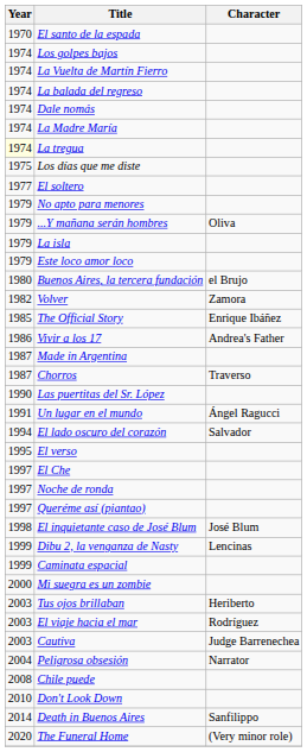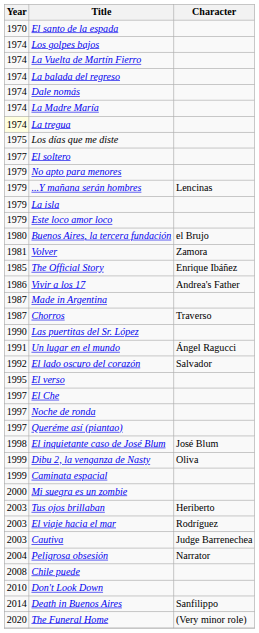 <table class="wikitable" style="display:inline-table;">
 <tr>
 <th>Year</th>
 <th>Title</th>
 <th>Character</th>
 </tr>
 <tr>
 <td>1970</td>
 <td><em><a href='#'>El santo de la espada</a></em></td>
 <td></td>
 </tr>
 <tr>
 <td>1974</td>
 <td><em><a href='#'>Los golpes bajos</a></em></td>
 <td></td>
 </tr>
 <tr>
 <td>1974</td>
 <td><em><a href='#'>La Vuelta de Martín Fierro</a></em></td>
 <td></td>
 </tr>
 <tr>
 <td>1974</td>
 <td><em><a href='#'>La balada del regreso</a></em></td>
 <td></td>
 </tr>
 <tr>
 <td>1974</td>
 <td><em><a href='#'>Dale nomás</a></em></td>
 <td></td>
 </tr>
 <tr>
 <td>1974</td>
 <td><em><a href='#'>La Madre María</a></em></td>
 <td></td>
 </tr>
 <tr>
 <td style="background: lightyellow;">1974</td>
 <td><em><a href='#'>La tregua</a></em></td>
 <td></td>
 </tr>
 <tr>
 <td>1975</td>
 <td><em>Los días que me diste</em></td>
 <td></td>
 </tr>
 <tr>
 <td>1977</td>
 <td><em><a href='#'>El soltero</a></em></td>
 <td></td>
 </tr>
 <tr>
 <td>1979</td>
 <td><em><a href='#'>No apto para menores</a></em></td>
 <td></td>
 </tr>
 <tr>
 <td>1979</td>
 <td><em><a href='#'>...Y mañana serán hombres</a></em></td>
-<td>Oliva</td>
+<td>Lencinas</td>
 </tr>
 <tr>
 <td>1979</td>
 <td><em><a href='#'>La isla</a></em></td>
 <td></td>
 </tr>
 <tr>
 <td>1979</td>
 <td><em><a href='#'>Este loco amor loco</a></em></td>
 <td></td>
 </tr>
 <tr>
 <td>1980</td>
 <td><em><a href='#'>Buenos Aires, la tercera fundación</a></em></td>
 <td>el Brujo</td>
 </tr>
 <tr>
-<td>1982</td>
+<td>1981</td>
 <td><em><a href='#'>Volver</a></em></td>
 <td>Zamora</td>
 </tr>
 <tr>
 <td>1985</td>
 <td><em><a href='#'>The Official Story</a></em></td>
 <td>Enrique Ibáñez</td>
 </tr>
 <tr>
 <td>1986</td>
 <td><em><a href='#'>Vivir a los 17</a></em></td>
 <td>Andrea's Father</td>
 </tr>
 <tr>
 <td>1987</td>
 <td><em><a href='#'>Made in Argentina</a></em></td>
 <td></td>
 </tr>
 <tr>
 <td>1987</td>
 <td><em><a href='#'>Chorros</a></em></td>
 <td>Traverso</td>
 </tr>
 <tr>
 <td>1990</td>
 <td><em><a href='#'>Las puertitas del Sr. López</a></em></td>
 <td></td>
 </tr>
 <tr>
 <td>1991</td>
 <td><em><a href='#'>Un lugar en el mundo</a></em></td>
 <td>Ángel Ragucci</td>
 </tr>
 <tr>
-<td>1994</td>
+<td>1992</td>
 <td><em><a href='#'>El lado oscuro del corazón</a></em></td>
 <td>Salvador</td>
 </tr>
 <tr>
 <td>1995</td>
 <td><em><a href='#'>El verso</a></em></td>
 <td></td>
 </tr>
 <tr>
 <td>1997</td>
 <td><em><a href='#'>El Che</a></em></td>
 <td></td>
 </tr>
 <tr>
 <td>1997</td>
 <td><em><a href='#'>Noche de ronda</a></em></td>
 <td></td>
 </tr>
 <tr>
 <td>1997</td>
 <td><em><a href='#'>Queréme así (piantao)</a></em></td>
 <td></td>
 </tr>
 <tr>
 <td>1998</td>
 <td><em><a href='#'>El inquietante caso de José Blum</a></em></td>
 <td>José Blum</td>
 </tr>
 <tr>
 <td>1999</td>
 <td><em><a href='#'>Dibu 2, la venganza de Nasty</a></em></td>
-<td>Lencinas</td>
+<td>Oliva</td>
 </tr>
 <tr>
 <td>1999</td>
 <td><em><a href='#'>Caminata espacial</a></em></td>
 <td></td>
 </tr>
 <tr>
 <td>2000</td>
 <td><em><a href='#'>Mi suegra es un zombie</a></em></td>
 <td></td>
 </tr>
 <tr>
 <td>2003</td>
 <td><em><a href='#'>Tus ojos brillaban</a></em></td>
 <td>Heriberto</td>
 </tr>
 <tr>
 <td>2003</td>
 <td><em><a href='#'>El viaje hacia el mar</a></em></td>
 <td>Rodríguez</td>
 </tr>
 <tr>
 <td>2003</td>
 <td><em><a href='#'>Cautiva</a></em></td>
 <td>Judge Barrenechea</td>
 </tr>
 <tr>
 <td>2004</td>
 <td><em><a href='#'>Peligrosa obsesión</a></em></td>
 <td>Narrator</td>
 </tr>
 <tr>
 <td>2008</td>
 <td><em><a href='#'>Chile puede</a></em></td>
 <td></td>
 </tr>
 <tr>
 <td>2010</td>
 <td><em><a href='#'>Don't Look Down</a></em></td>
 <td></td>
 </tr>
 <tr>
 <td>2014</td>
 <td><em><a href='#'>Death in Buenos Aires</a></em></td>
 <td>Sanfilippo</td>
 </tr>
 <tr>
 <td>2020</td>
 <td><em><a href='#'>The Funeral Home</a></em></td>
 <td>(Very minor role)</td>
 </tr>
 <tr>
 </tr>
 </table>
